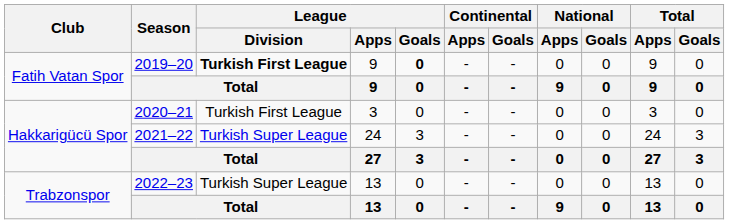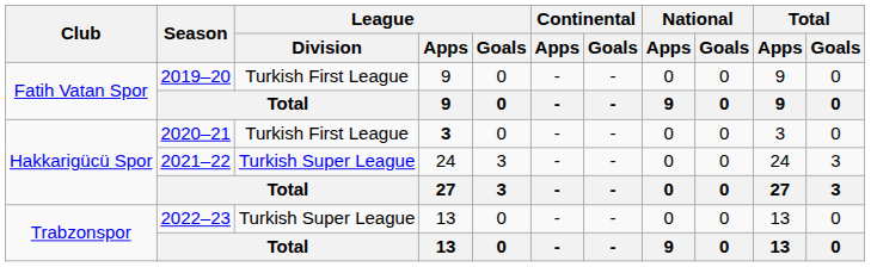 <table class="wikitable" style="text-align: center;">
 <tr>
 <th rowspan="2">Club</th>
 <th rowspan="2">Season</th>
 <th colspan="3">League</th>
 <th colspan="2">Continental</th>
 <th colspan="2">National</th>
 <th colspan="2">Total</th>
 </tr>
 <tr>
 <th>Division</th>
 <th>Apps</th>
 <th>Goals</th>
 <th>Apps</th>
 <th>Goals</th>
 <th>Apps</th>
 <th>Goals</th>
 <th>Apps</th>
 <th>Goals</th>
 </tr>
 <tr>
 <td rowspan=2><a href='#'>Fatih Vatan Spor</a></td>
 <td><a href='#'>2019–20</a></td>
-<td><strong>Turkish First League</strong></td>
+<td>Turkish First League</td>
 <td>9</td>
-<td><strong>0</strong></td>
+<td>0</td>
 <td>-</td>
 <td>-</td>
 <td>0</td>
 <td>0</td>
 <td>9</td>
 <td>0</td>
 </tr>
 <tr>
 <th colspan="2">Total</th>
 <th>9</th>
 <th>0</th>
 <th>-</th>
 <th>-</th>
 <th>9</th>
 <th>0</th>
 <th>9</th>
 <th>0</th>
 </tr>
 <tr>
 <td rowspan=3><a href='#'>Hakkarigücü Spor</a></td>
 <td><a href='#'>2020–21</a></td>
 <td>Turkish First League</td>
-<td>3</td>
+<td><strong>3</strong></td>
 <td>0</td>
 <td>-</td>
 <td>-</td>
 <td>0</td>
 <td>0</td>
 <td>3</td>
 <td>0</td>
 </tr>
 <tr>
 <td><a href='#'>2021–22</a></td>
 <td><a href='#'>Turkish Super League</a></td>
 <td>24</td>
 <td>3</td>
 <td>-</td>
 <td>-</td>
 <td>0</td>
 <td>0</td>
 <td>24</td>
 <td>3</td>
 </tr>
 <tr>
 <th colspan="2">Total</th>
 <th>27</th>
 <th>3</th>
 <th>-</th>
 <th>-</th>
 <th>0</th>
 <th>0</th>
 <th>27</th>
 <th>3</th>
 </tr>
 <tr>
 <td rowspan=2><a href='#'>Trabzonspor</a></td>
 <td><a href='#'>2022–23</a></td>
 <td>Turkish Super League</td>
 <td>13</td>
 <td>0</td>
 <td>-</td>
 <td>-</td>
 <td>0</td>
 <td>0</td>
 <td>13</td>
 <td>0</td>
 </tr>
 <tr>
 <th colspan="2">Total</th>
 <th>13</th>
 <th>0</th>
 <th>-</th>
 <th>-</th>
 <th>9</th>
 <th>0</th>
 <th>13</th>
 <th>0</th>
 </tr>
 </table>
